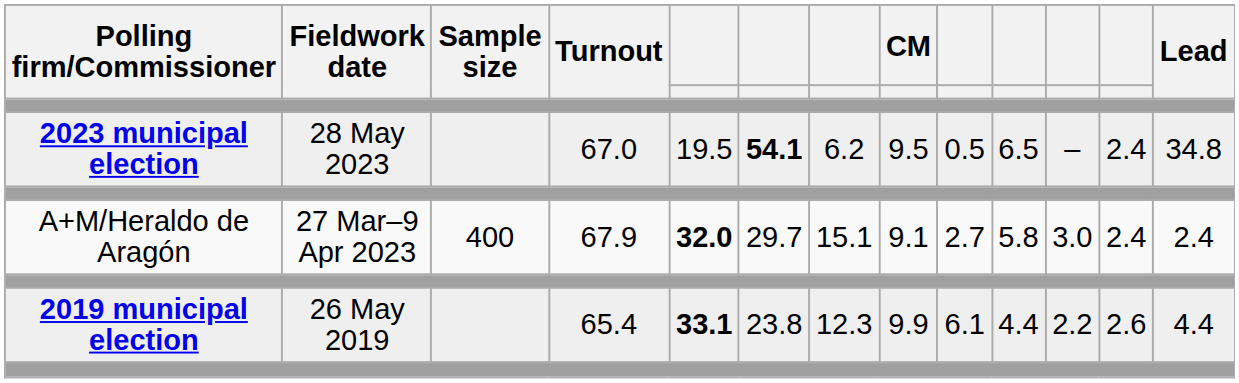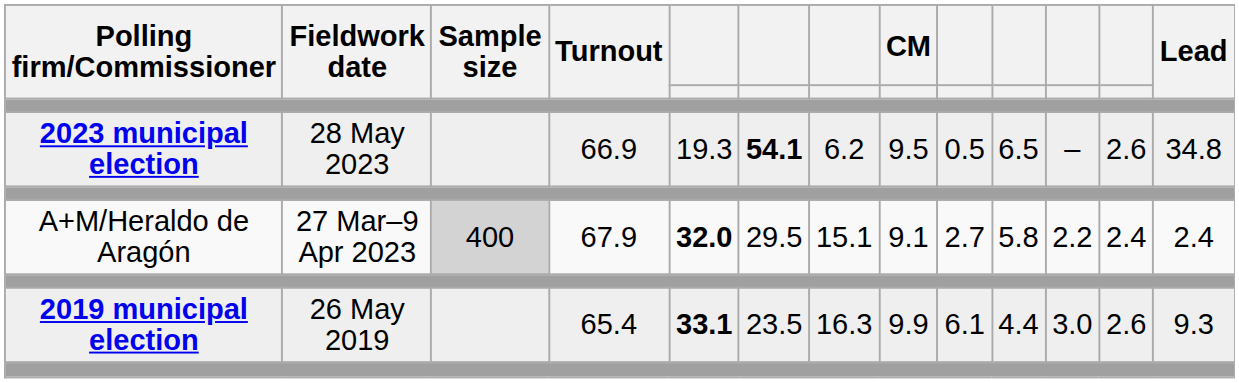 <table class="wikitable collapsible collapsed" style="text-align:center; font-size:95%; line-height:16px;">
 <tr style="height:42px;">
 <th style="width:250px;" rowspan="2">Polling firm/Commissioner</th>
 <th style="width:125px;" rowspan="2">Fieldwork date</th>
 <th style="width:50px;" rowspan="2">Sample size</th>
 <th style="width:45px;" rowspan="2">Turnout</th>
 <th style="width:35px;"></th>
 <th style="width:35px;"></th>
 <th style="width:35px;"></th>
 <th style="width:35px;">CM</th>
 <th style="width:35px;"></th>
 <th style="width:35px;"></th>
 <th style="width:35px;"></th>
 <th style="width:35px;"></th>
 <th style="width:30px;" rowspan="2">Lead</th>
 </tr>
 <tr>
 <th style="color:inherit;background:"></th>
 <th style="color:inherit;background:"></th>
 <th style="color:inherit;background:"></th>
 <th style="color:inherit;background:"></th>
 <th style="color:inherit;background:"></th>
 <th style="color:inherit;background:"></th>
 <th style="color:inherit;background:"></th>
 <th style="color:inherit;background:"></th>
 </tr>
 <tr>
 <td colspan="13" style="background:#A0A0A0"></td>
 </tr>
 <tr style="background:#EFEFEF;">
 <td><strong><a href='#'>2023 municipal election</a></strong></td>
 <td>28 May 2023</td>
 <td></td>
-<td>67.0</td>
-<td>19.5<br></td>
+<td>66.9</td>
+<td>19.3<br></td>
 <td><strong>54.1</strong><br></td>
 <td>6.2<br></td>
 <td>9.5<br></td>
 <td>0.5<br></td>
 <td>6.5<br></td>
 <td>–</td>
-<td>2.4<br></td>
+<td>2.6<br></td>
 <td style="background:">34.8</td>
 </tr>
 <tr>
 <td colspan="13" style="background:#A0A0A0"></td>
 </tr>
 <tr>
 <td>A+M/Heraldo de Aragón</td>
 <td>27 Mar–9 Apr 2023</td>
-<td>400</td>
+<td style="background: lightgrey;">400</td>
 <td>67.9</td>
 <td><strong>32.0</strong><br></td>
-<td>29.7<br></td>
+<td>29.5<br></td>
 <td>15.1<br></td>
 <td>9.1<br></td>
 <td>2.7<br></td>
 <td>5.8<br></td>
-<td>3.0<br></td>
+<td>2.2<br></td>
 <td>2.4<br></td>
 <td style="background:">2.4</td>
 </tr>
 <tr>
 <td colspan="13" style="background:#A0A0A0"></td>
 </tr>
 <tr style="background:#EFEFEF;">
 <td><strong><a href='#'>2019 municipal election</a></strong></td>
 <td>26 May 2019</td>
 <td></td>
 <td>65.4</td>
 <td><strong>33.1</strong><br></td>
-<td>23.8<br></td>
-<td>12.3<br></td>
+<td>23.5<br></td>
+<td>16.3<br></td>
 <td>9.9<br></td>
 <td>6.1<br></td>
 <td>4.4<br></td>
-<td>2.2<br></td>
+<td>3.0<br></td>
 <td>2.6<br></td>
-<td style="background:">4.4</td>
+<td style="background:">9.3</td>
 </tr>
 <tr>
 <td colspan="13" style="background:#A0A0A0"></td>
 </tr>
 </table>
